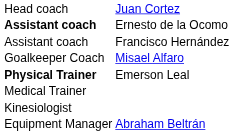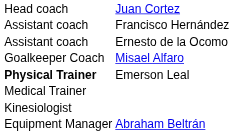 <table>
 <tr>
 <td>Head coach</td>
 <td> <a href='#'>Juan Cortez</a></td>
 </tr>
 <tr>
-<td><strong>Assistant coach</strong></td>
-<td> Ernesto de la Ocomo</td>
+<td>Assistant coach</td>
+<td> Francisco Hernández</td>
 </tr>
 <tr>
 <td>Assistant coach</td>
-<td> Francisco Hernández</td>
+<td> Ernesto de la Ocomo</td>
 </tr>
 <tr>
 <td>Goalkeeper Coach</td>
 <td> <a href='#'>Misael Alfaro</a></td>
 </tr>
 <tr>
 <td><strong>Physical Trainer</strong></td>
 <td> Emerson Leal</td>
 </tr>
 <tr>
 <td>Medical Trainer</td>
 <td></td>
 </tr>
 <tr>
 <td>Kinesiologist</td>
 <td></td>
 </tr>
 <tr>
 <td>Equipment Manager</td>
 <td> <a href='#'>Abraham Beltrán</a></td>
 </tr>
 </table>
